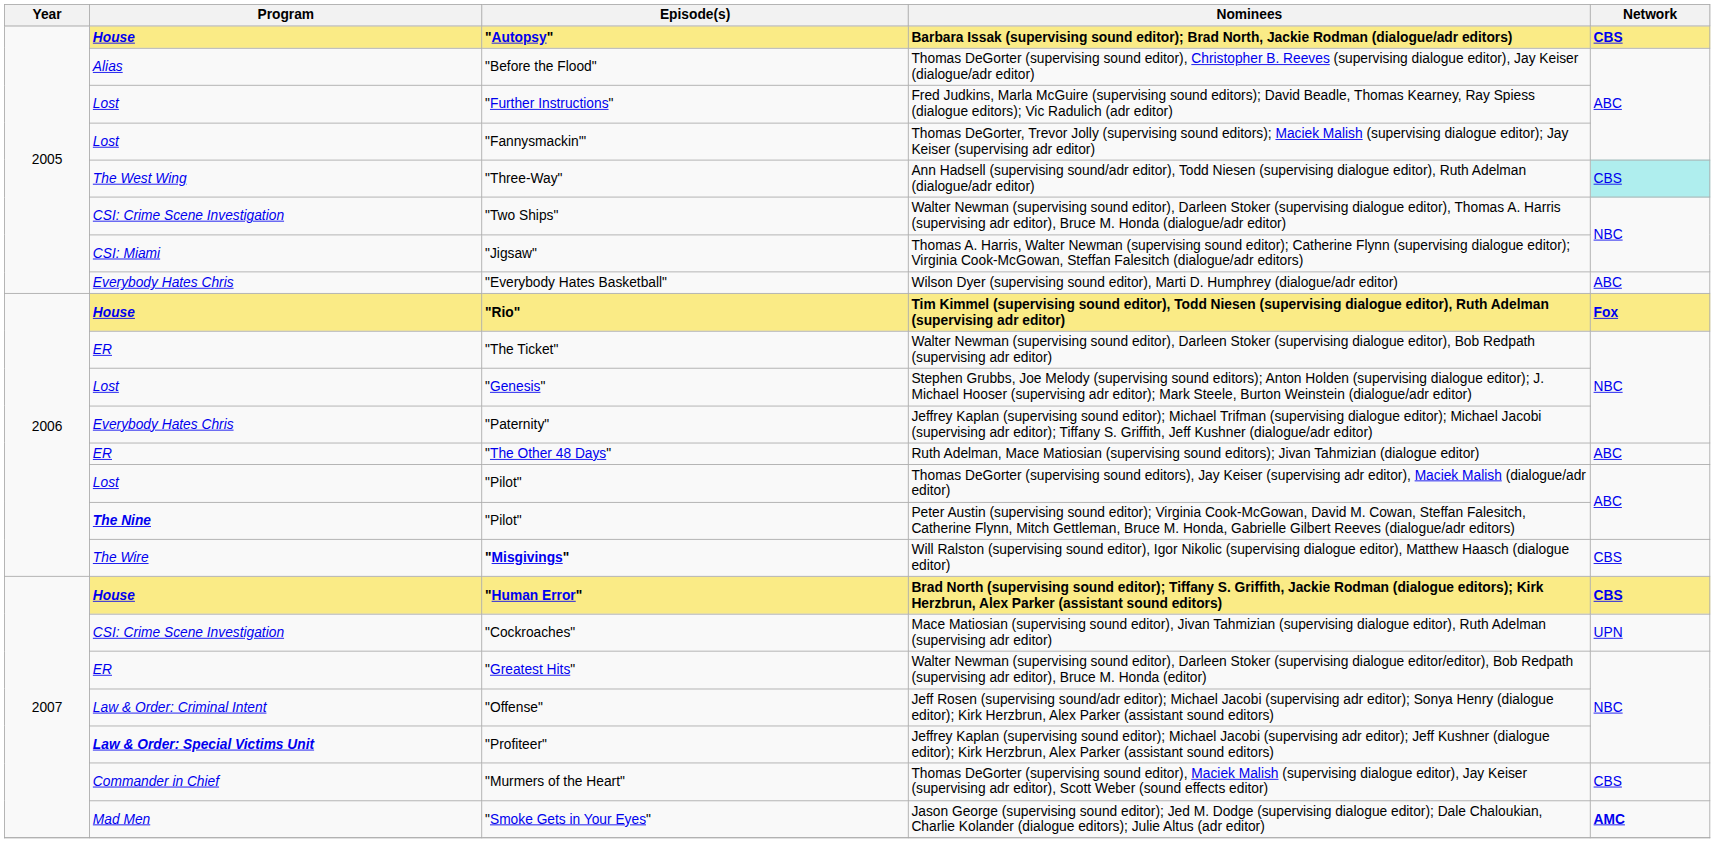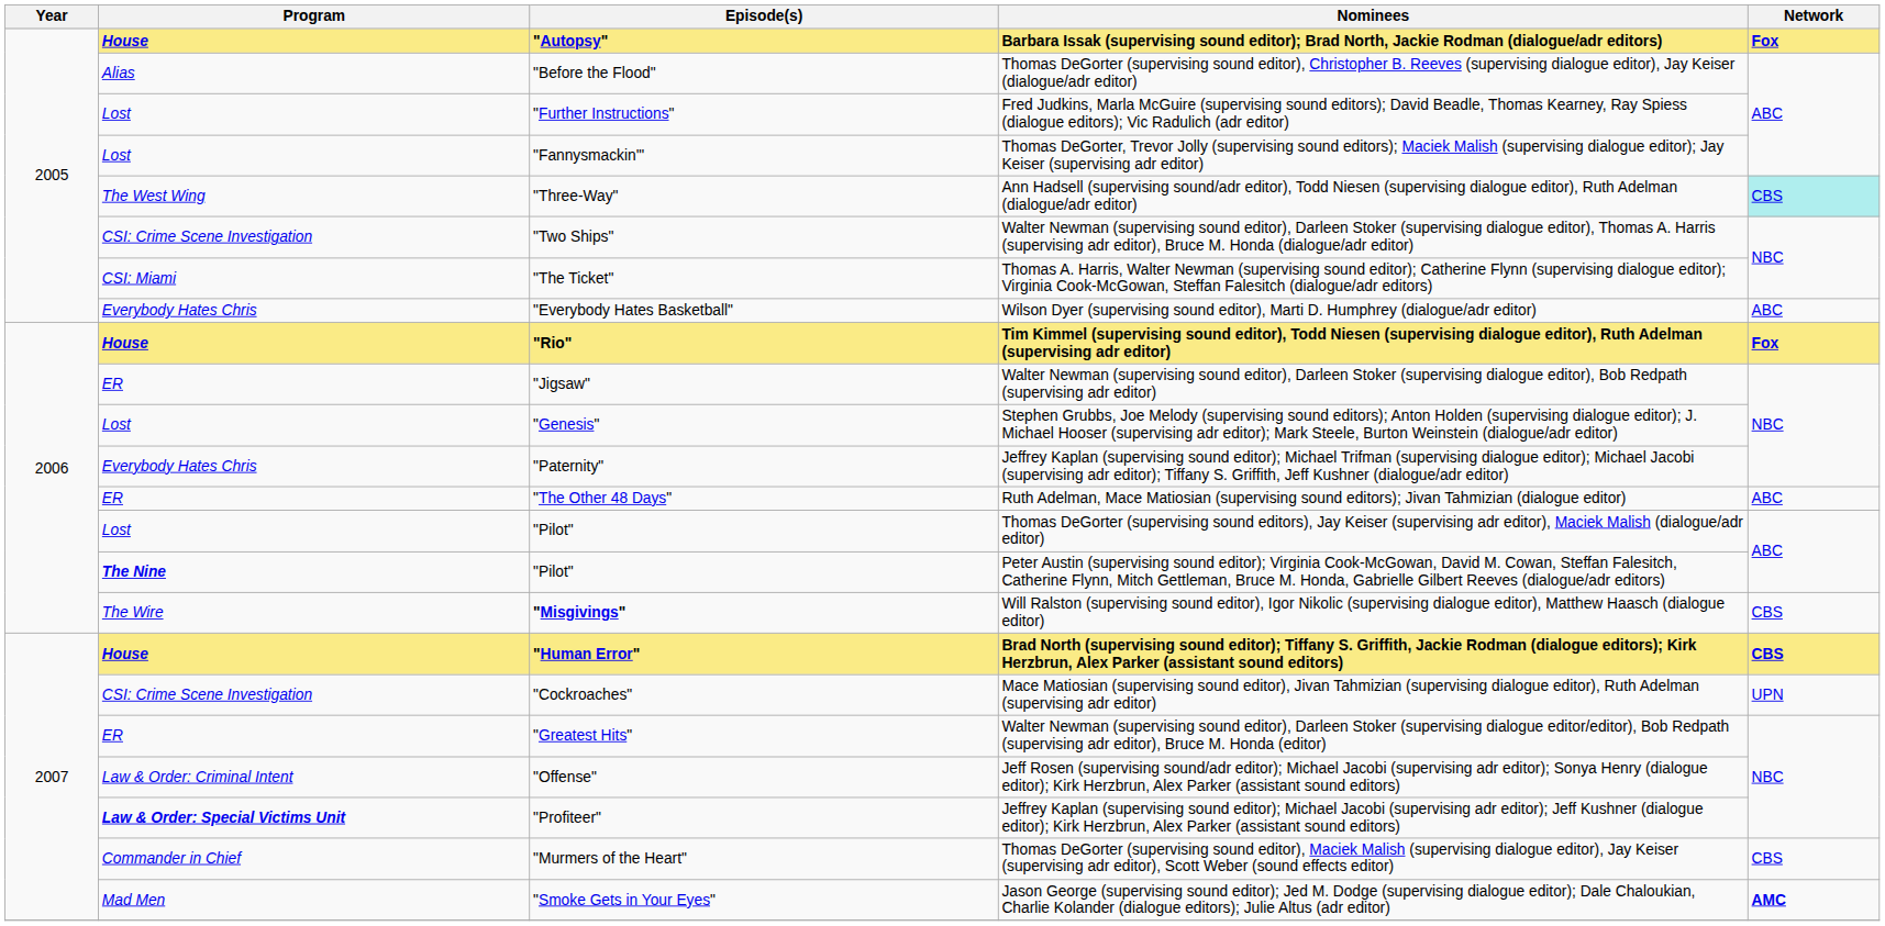 <table class="wikitable" style="width:100%">
 <tr bgcolor="#bebebe">
 <th width="5%">Year</th>
 <th width="23%">Program</th>
 <th width="25%">Episode(s)</th>
 <th width="40%">Nominees</th>
 <th width="7%">Network</th>
 </tr>
 <tr>
 <td rowspan=8 style="text-align:center">2005<br></td>
 <td style="background:#FAEB86;"><strong><em><a href='#'>House</a></em></strong></td>
 <td style="background:#FAEB86;"><strong>"<a href='#'>Autopsy</a>"</strong></td>
 <td style="background:#FAEB86;"><strong>Barbara Issak (supervising sound editor); Brad North, Jackie Rodman (dialogue/adr editors)</strong></td>
-<td style="background:#FAEB86;"><strong><a href='#'>CBS</a></strong></td>
+<td style="background:#FAEB86;"><strong><a href='#'>Fox</a></strong></td>
 </tr>
 <tr>
 <td><em><a href='#'>Alias</a></em></td>
 <td>"Before the Flood"</td>
 <td>Thomas DeGorter (supervising sound editor), <a href='#'>Christopher B. Reeves</a> (supervising dialogue editor), Jay Keiser (dialogue/adr editor)</td>
 <td rowspan="3"><a href='#'>ABC</a></td>
 </tr>
 <tr>
 <td><em><a href='#'>Lost</a></em></td>
 <td>"<a href='#'>Further Instructions</a>"</td>
 <td>Fred Judkins, Marla McGuire (supervising sound editors); David Beadle, Thomas Kearney, Ray Spiess (dialogue editors); Vic Radulich (adr editor)</td>
 </tr>
 <tr>
 <td><em><a href='#'>Lost</a></em></td>
 <td>"Fannysmackin'"</td>
 <td>Thomas DeGorter, Trevor Jolly (supervising sound editors); <a href='#'>Maciek Malish</a> (supervising dialogue editor); Jay Keiser (supervising adr editor)</td>
 </tr>
 <tr>
 <td><em><a href='#'>The West Wing</a></em></td>
 <td>"Three-Way"</td>
 <td>Ann Hadsell (supervising sound/adr editor), Todd Niesen (supervising dialogue editor), Ruth Adelman (dialogue/adr editor)</td>
 <td style="background: paleturquoise;"><a href='#'>CBS</a></td>
 </tr>
 <tr>
 <td><em><a href='#'>CSI: Crime Scene Investigation</a></em></td>
 <td>"Two Ships"</td>
 <td>Walter Newman (supervising sound editor), Darleen Stoker (supervising dialogue editor), Thomas A. Harris (supervising adr editor), Bruce M. Honda (dialogue/adr editor)</td>
 <td rowspan="2"><a href='#'>NBC</a></td>
 </tr>
 <tr>
 <td><em><a href='#'>CSI: Miami</a></em></td>
-<td>"Jigsaw"</td>
+<td>"The Ticket"</td>
 <td>Thomas A. Harris, Walter Newman (supervising sound editor); Catherine Flynn (supervising dialogue editor); Virginia Cook-McGowan, Steffan Falesitch (dialogue/adr editors)</td>
 </tr>
 <tr>
 <td><em><a href='#'>Everybody Hates Chris</a></em></td>
 <td>"Everybody Hates Basketball"</td>
 <td>Wilson Dyer (supervising sound editor), Marti D. Humphrey (dialogue/adr editor)</td>
 <td><a href='#'>ABC</a></td>
 </tr>
 <tr>
 <td rowspan=8 style="text-align:center">2006<br><br></td>
 <td style="background:#FAEB86;"><strong><em><a href='#'>House</a></em></strong></td>
 <td style="background:#FAEB86;"><strong>"Rio"</strong></td>
 <td style="background:#FAEB86;"><strong>Tim Kimmel (supervising sound editor), Todd Niesen (supervising dialogue editor), Ruth Adelman (supervising adr editor)</strong></td>
 <td style="background:#FAEB86;"><strong><a href='#'>Fox</a></strong></td>
 </tr>
 <tr>
 <td><em><a href='#'>ER</a></em></td>
-<td>"The Ticket"</td>
+<td>"Jigsaw"</td>
 <td>Walter Newman (supervising sound editor), Darleen Stoker (supervising dialogue editor), Bob Redpath (supervising adr editor)</td>
 <td rowspan="3"><a href='#'>NBC</a></td>
 </tr>
 <tr>
 <td><em><a href='#'>Lost</a></em></td>
 <td>"<a href='#'>Genesis</a>"</td>
 <td>Stephen Grubbs, Joe Melody (supervising sound editors); Anton Holden (supervising dialogue editor); J. Michael Hooser (supervising adr editor); Mark Steele, Burton Weinstein (dialogue/adr editor)</td>
 </tr>
 <tr>
 <td><em><a href='#'>Everybody Hates Chris</a></em></td>
 <td>"Paternity"</td>
 <td>Jeffrey Kaplan (supervising sound editor); Michael Trifman (supervising dialogue editor); Michael Jacobi (supervising adr editor); Tiffany S. Griffith, Jeff Kushner (dialogue/adr editor)</td>
 </tr>
 <tr>
 <td><em><a href='#'>ER</a></em></td>
 <td>"<a href='#'>The Other 48 Days</a>"</td>
 <td>Ruth Adelman, Mace Matiosian (supervising sound editors); Jivan Tahmizian (dialogue editor)</td>
 <td><a href='#'>ABC</a></td>
 </tr>
 <tr>
 <td><em><a href='#'>Lost</a></em></td>
 <td>"Pilot"</td>
 <td>Thomas DeGorter (supervising sound editors), Jay Keiser (supervising adr editor), <a href='#'>Maciek Malish</a> (dialogue/adr editor)</td>
 <td rowspan="2"><a href='#'>ABC</a></td>
 </tr>
 <tr>
 <td><strong><em><a href='#'>The Nine</a></em></strong></td>
 <td>"Pilot"</td>
 <td>Peter Austin (supervising sound editor);  Virginia Cook-McGowan, David M. Cowan, Steffan Falesitch, Catherine Flynn, Mitch Gettleman, Bruce M. Honda, Gabrielle Gilbert Reeves (dialogue/adr editors)</td>
 </tr>
 <tr>
 <td><em><a href='#'>The Wire</a></em></td>
 <td><strong>"<a href='#'>Misgivings</a>"</strong></td>
 <td>Will Ralston (supervising sound editor), Igor Nikolic (supervising dialogue editor), Matthew Haasch (dialogue editor)</td>
 <td><a href='#'>CBS</a></td>
 </tr>
 <tr>
 <td rowspan=7 style="text-align:center">2007<br></td>
 <td style="background:#FAEB86;"><strong><em><a href='#'>House</a></em></strong></td>
 <td style="background:#FAEB86;"><strong>"<a href='#'>Human Error</a>"</strong></td>
 <td style="background:#FAEB86;"><strong>Brad North (supervising sound editor); Tiffany S. Griffith, Jackie Rodman (dialogue editors); Kirk Herzbrun, Alex Parker (assistant sound editors)</strong></td>
 <td style="background:#FAEB86;"><strong><a href='#'>CBS</a></strong></td>
 </tr>
 <tr>
 <td><em><a href='#'>CSI: Crime Scene Investigation</a></em></td>
 <td>"Cockroaches"</td>
 <td>Mace Matiosian (supervising sound editor), Jivan Tahmizian (supervising dialogue editor), Ruth Adelman (supervising adr editor)</td>
 <td><a href='#'>UPN</a></td>
 </tr>
 <tr>
 <td><em><a href='#'>ER</a></em></td>
 <td>"<a href='#'>Greatest Hits</a>"</td>
 <td>Walter Newman (supervising sound editor), Darleen Stoker (supervising dialogue editor/editor), Bob Redpath (supervising adr editor), Bruce M. Honda (editor)</td>
 <td rowspan="3"><a href='#'>NBC</a></td>
 </tr>
 <tr>
 <td><em><a href='#'>Law & Order: Criminal Intent</a></em></td>
 <td>"Offense"</td>
 <td>Jeff Rosen (supervising sound/adr editor); Michael Jacobi (supervising adr editor); Sonya Henry (dialogue editor); Kirk Herzbrun, Alex Parker (assistant sound editors)</td>
 </tr>
 <tr>
 <td><strong><em><a href='#'>Law & Order: Special Victims Unit</a></em></strong></td>
 <td>"Profiteer"</td>
 <td>Jeffrey Kaplan (supervising sound editor); Michael Jacobi (supervising adr editor); Jeff Kushner (dialogue editor); Kirk Herzbrun, Alex Parker (assistant sound editors)</td>
 </tr>
 <tr>
 <td><em><a href='#'>Commander in Chief</a></em></td>
 <td>"Murmers of the Heart"</td>
 <td>Thomas DeGorter (supervising sound editor), <a href='#'>Maciek Malish</a> (supervising dialogue editor), Jay Keiser (supervising adr editor), Scott Weber (sound effects editor)</td>
 <td><a href='#'>CBS</a></td>
 </tr>
 <tr>
 <td><em><a href='#'>Mad Men</a></em></td>
 <td>"<a href='#'>Smoke Gets in Your Eyes</a>"</td>
 <td>Jason George (supervising sound editor); Jed M. Dodge (supervising dialogue editor); Dale Chaloukian, Charlie Kolander (dialogue editors); Julie Altus (adr editor)</td>
 <td><strong><a href='#'>AMC</a></strong></td>
 </tr>
 <tr>
 </tr>
 </table>
